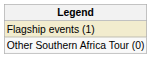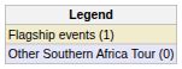 <table class="wikitable" style="font-size:95%;">
 <tr>
 <th>Legend</th>
 </tr>
 <tr style="background:#f2ecce;">
 <td>Flagship events (1)</td>
 </tr>
 <tr>
-<td>Other Southern Africa Tour (0)</td>
+<td style="background: lavender;">Other Southern Africa Tour (0)</td>
 </tr>
 </table>
